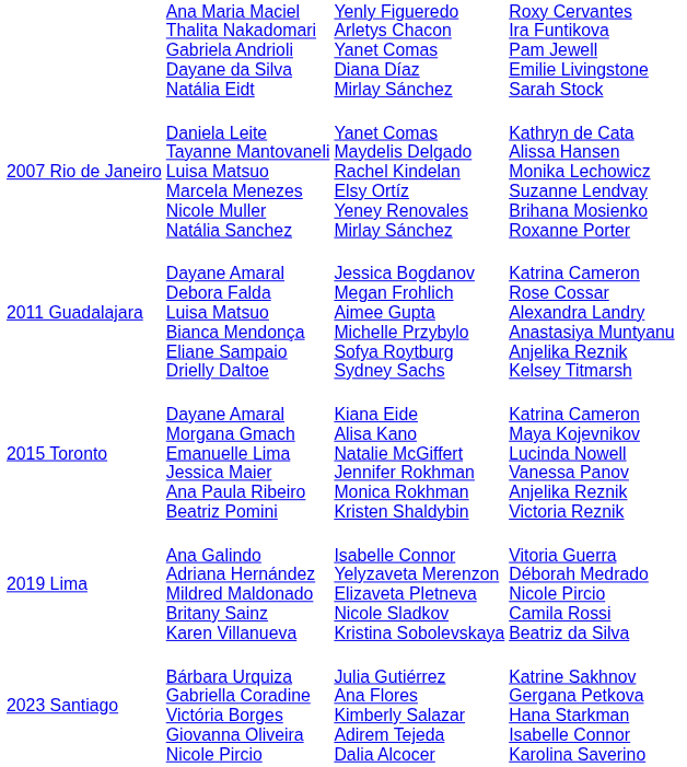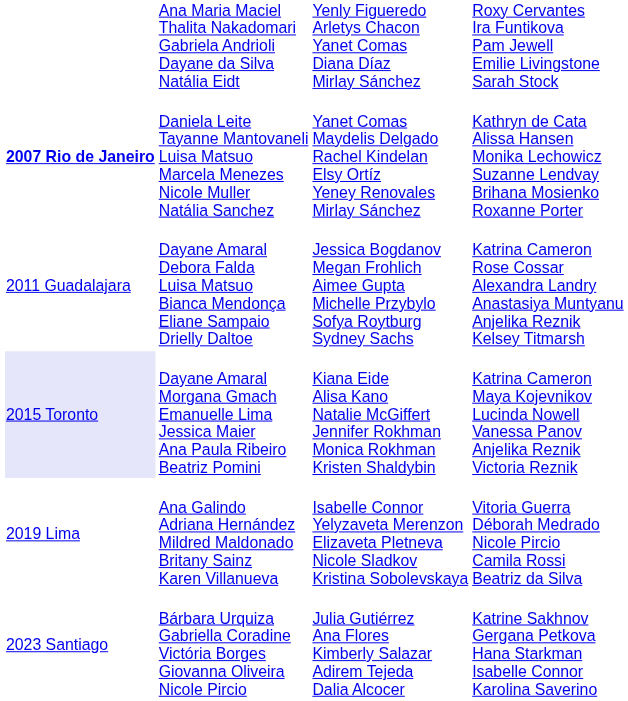 <table>
 <tr>
 <td></td>
 <td><br><a href='#'>Ana Maria Maciel</a><br><a href='#'>Thalita Nakadomari</a><br><a href='#'>Gabriela Andrioli</a><br><a href='#'>Dayane da Silva</a><br><a href='#'>Natália Eidt</a></td>
 <td><br><a href='#'>Yenly Figueredo</a><br><a href='#'>Arletys Chacon</a><br><a href='#'>Yanet Comas</a><br><a href='#'>Diana Díaz</a><br><a href='#'>Mirlay Sánchez</a></td>
 <td><br><a href='#'>Roxy Cervantes</a><br><a href='#'>Ira Funtikova</a><br><a href='#'>Pam Jewell</a><br><a href='#'>Emilie Livingstone</a><br><a href='#'>Sarah Stock</a></td>
 </tr>
 <tr>
-<td><a href='#'>2007 Rio de Janeiro</a></td>
+<td><strong><a href='#'>2007 Rio de Janeiro</a></strong></td>
 <td><br><a href='#'>Daniela Leite</a><br> <a href='#'>Tayanne Mantovaneli</a><br> <a href='#'>Luisa Matsuo</a><br> <a href='#'>Marcela Menezes</a><br> <a href='#'>Nicole Muller</a><br> <a href='#'>Natália Sanchez</a></td>
 <td><br><a href='#'>Yanet Comas</a><br> <a href='#'>Maydelis Delgado</a><br> <a href='#'>Rachel Kindelan</a><br> <a href='#'>Elsy Ortíz</a><br> <a href='#'>Yeney Renovales</a><br> <a href='#'>Mirlay Sánchez</a></td>
 <td><br><a href='#'>Kathryn de Cata</a><br> <a href='#'>Alissa Hansen</a><br> <a href='#'>Monika Lechowicz</a><br> <a href='#'>Suzanne Lendvay</a><br> <a href='#'>Brihana Mosienko</a><br> <a href='#'>Roxanne Porter</a></td>
 </tr>
 <tr>
 <td><a href='#'>2011 Guadalajara</a></td>
 <td><br><a href='#'>Dayane Amaral</a><br><a href='#'>Debora Falda</a><br><a href='#'>Luisa Matsuo</a><br><a href='#'>Bianca Mendonça</a><br><a href='#'>Eliane Sampaio</a><br><a href='#'>Drielly Daltoe</a></td>
 <td><br><a href='#'>Jessica Bogdanov</a><br><a href='#'>Megan Frohlich</a><br><a href='#'>Aimee Gupta</a><br><a href='#'>Michelle Przybylo</a><br><a href='#'>Sofya Roytburg</a><br><a href='#'>Sydney Sachs</a></td>
 <td><br><a href='#'>Katrina Cameron</a><br><a href='#'>Rose Cossar</a><br><a href='#'>Alexandra Landry</a><br><a href='#'>Anastasiya Muntyanu</a><br><a href='#'>Anjelika Reznik</a><br><a href='#'>Kelsey Titmarsh</a></td>
 </tr>
 <tr>
-<td><a href='#'>2015 Toronto</a></td>
+<td style="background: lavender;"><a href='#'>2015 Toronto</a></td>
 <td><br><a href='#'>Dayane Amaral</a><br><a href='#'>Morgana Gmach</a><br><a href='#'>Emanuelle Lima</a><br><a href='#'>Jessica Maier</a><br><a href='#'>Ana Paula Ribeiro</a><br><a href='#'>Beatriz Pomini</a></td>
 <td><br><a href='#'>Kiana Eide</a><br><a href='#'>Alisa Kano</a><br><a href='#'>Natalie McGiffert</a><br><a href='#'>Jennifer Rokhman</a><br><a href='#'>Monica Rokhman</a><br><a href='#'>Kristen Shaldybin</a></td>
 <td><br><a href='#'>Katrina Cameron</a><br><a href='#'>Maya Kojevnikov</a><br><a href='#'>Lucinda Nowell</a><br><a href='#'>Vanessa Panov</a><br><a href='#'>Anjelika Reznik</a><br><a href='#'>Victoria Reznik</a></td>
 </tr>
 <tr>
 <td><a href='#'>2019 Lima</a></td>
 <td><br><a href='#'>Ana Galindo</a><br><a href='#'>Adriana Hernández</a><br><a href='#'>Mildred Maldonado</a><br><a href='#'>Britany Sainz</a><br><a href='#'>Karen Villanueva</a></td>
 <td><br><a href='#'>Isabelle Connor</a><br><a href='#'>Yelyzaveta Merenzon</a><br><a href='#'>Elizaveta Pletneva</a><br><a href='#'>Nicole Sladkov</a><br><a href='#'>Kristina Sobolevskaya</a></td>
 <td><br><a href='#'>Vitoria Guerra</a><br><a href='#'>Déborah Medrado</a><br><a href='#'>Nicole Pircio</a><br><a href='#'>Camila Rossi</a><br><a href='#'>Beatriz da Silva</a></td>
 </tr>
 <tr>
 <td><a href='#'>2023 Santiago</a></td>
 <td><br><a href='#'>Bárbara Urquiza</a><br><a href='#'>Gabriella Coradine</a><br><a href='#'>Victória Borges</a><br><a href='#'>Giovanna Oliveira</a><br><a href='#'>Nicole Pircio</a></td>
 <td><br><a href='#'>Julia Gutiérrez</a><br><a href='#'>Ana Flores</a><br><a href='#'>Kimberly Salazar</a><br><a href='#'>Adirem Tejeda</a><br><a href='#'>Dalia Alcocer</a></td>
 <td><br><a href='#'>Katrine Sakhnov</a><br><a href='#'>Gergana Petkova</a><br><a href='#'>Hana Starkman</a><br><a href='#'>Isabelle Connor</a><br><a href='#'>Karolina Saverino</a></td>
 </tr>
 </table>
